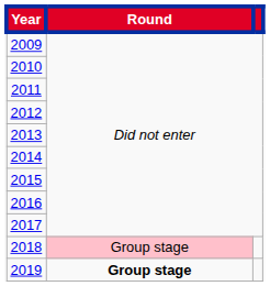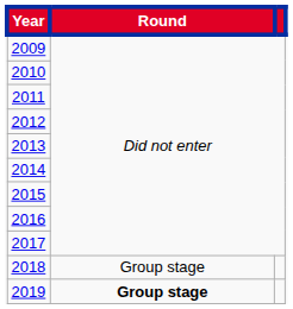 <table class="wikitable" style="text-align: center; font-size:90%">
 <tr style="color:white;">
 <th style="background:#e00025; border: 4px solid #032ea1;">Year</th>
 <th style="background:#e00025; border: 4px solid #032ea1; width:200px">Round</th>
 <th style="background:#e00025; border: 4px solid #032ea1;"></th>
 </tr>
 <tr>
 <td><a href='#'>2009</a></td>
 <td colspan="2" rowspan="9"><em>Did not enter</em></td>
 </tr>
 <tr>
 <td><a href='#'>2010</a></td>
 </tr>
 <tr>
 <td><a href='#'>2011</a></td>
 </tr>
 <tr>
 <td><a href='#'>2012</a></td>
 </tr>
 <tr>
 <td><a href='#'>2013</a></td>
 </tr>
 <tr>
 <td><a href='#'>2014</a></td>
 </tr>
 <tr>
 <td><a href='#'>2015</a></td>
 </tr>
 <tr>
 <td><a href='#'>2016</a></td>
 </tr>
 <tr>
 <td><a href='#'>2017</a></td>
 </tr>
 <tr>
 <td><a href='#'>2018</a></td>
-<td style="background: pink;">Group stage</td>
+<td>Group stage</td>
 <td></td>
 </tr>
 <tr>
 <td><a href='#'>2019</a></td>
 <td><strong>Group stage</strong></td>
 <td></td>
 </tr>
 </table>
